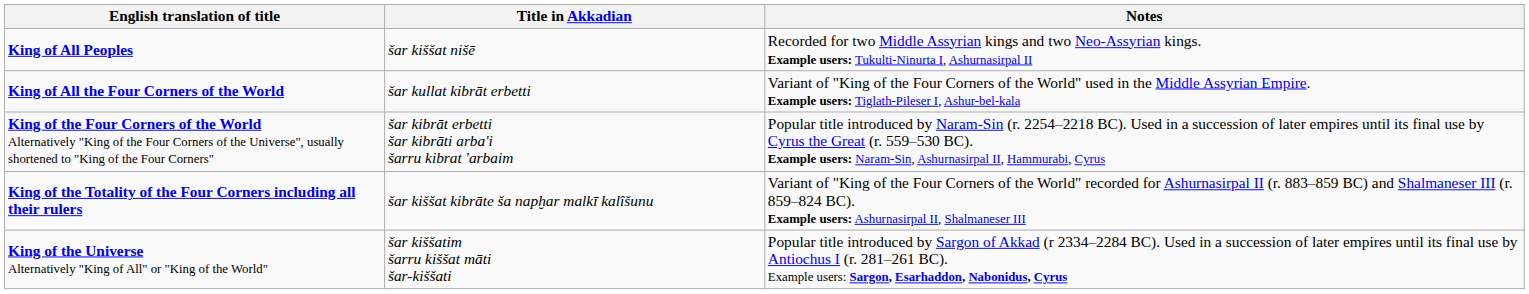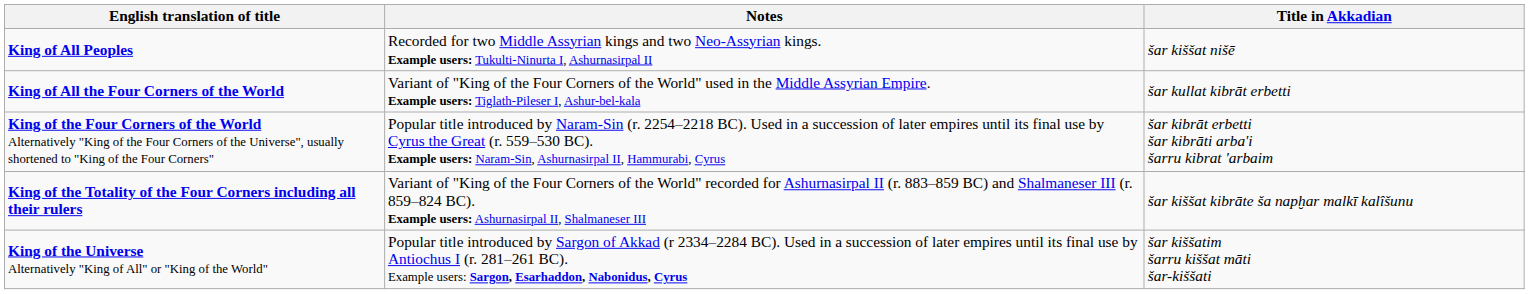 <table class="wikitable" border="1" style="width:100%">
 <tr>
 <th width="25%"><strong>English translation of title</strong></th>
+<th width="50%"><strong>Notes</strong></th>
 <th width="25%"><strong>Title in <a href='#'>Akkadian</a></strong></th>
-<th width="50%"><strong>Notes</strong></th>
 </tr>
 <tr>
 <td><strong><a href='#'>King of All Peoples</a></strong></td>
+<td>Recorded for two <a href='#'>Middle Assyrian</a> kings and two <a href='#'>Neo-Assyrian</a> kings.<br><small><strong>Example users:</strong> <a href='#'>Tukulti-Ninurta I</a>, <a href='#'>Ashurnasirpal II</a></small></td>
 <td><em>šar kiššat nišē</em></td>
-<td>Recorded for two <a href='#'>Middle Assyrian</a> kings and two <a href='#'>Neo-Assyrian</a> kings.<br><small><strong>Example users:</strong> <a href='#'>Tukulti-Ninurta I</a>, <a href='#'>Ashurnasirpal II</a></small></td>
 </tr>
 <tr>
 <td><strong><a href='#'>King of All the Four Corners of the World</a></strong></td>
+<td>Variant of "King of the Four Corners of the World" used in the <a href='#'>Middle Assyrian Empire</a>.<br><small><strong>Example users:</strong> <a href='#'>Tiglath-Pileser I</a>, <a href='#'>Ashur-bel-kala</a></small></td>
 <td><em>šar kullat kibrāt erbetti</em></td>
-<td>Variant of "King of the Four Corners of the World" used in the <a href='#'>Middle Assyrian Empire</a>.<br><small><strong>Example users:</strong> <a href='#'>Tiglath-Pileser I</a>, <a href='#'>Ashur-bel-kala</a></small></td>
 </tr>
 <tr>
 <td><strong><a href='#'>King of the Four Corners of the World</a></strong><br><small>Alternatively "King of the Four Corners of the Universe", usually shortened to "King of the Four Corners"</small></td>
+<td>Popular title introduced by <a href='#'>Naram-Sin</a> (r. 2254–2218 BC). Used in a succession of later empires until its final use by <a href='#'>Cyrus the Great</a> (r. 559–530 BC).<br><small><strong>Example users:</strong> <a href='#'>Naram-Sin</a>, <a href='#'>Ashurnasirpal II</a>, <a href='#'>Hammurabi</a>, <a href='#'>Cyrus</a></small></td>
 <td><em>šar kibrāt erbetti</em><br><em>šar kibrāti arba'i</em><br><em>šarru kibrat 'arbaim</em></td>
-<td>Popular title introduced by <a href='#'>Naram-Sin</a> (r. 2254–2218 BC). Used in a succession of later empires until its final use by <a href='#'>Cyrus the Great</a> (r. 559–530 BC).<br><small><strong>Example users:</strong> <a href='#'>Naram-Sin</a>, <a href='#'>Ashurnasirpal II</a>, <a href='#'>Hammurabi</a>, <a href='#'>Cyrus</a></small></td>
 </tr>
 <tr>
 <td><strong><a href='#'>King of the Totality of the Four Corners including all their rulers</a></strong></td>
+<td>Variant of "King of the Four Corners of the World" recorded for <a href='#'>Ashurnasirpal II</a> (r. 883–859 BC) and <a href='#'>Shalmaneser III</a> (r. 859–824 BC).<br><small><strong>Example users:</strong> <a href='#'>Ashurnasirpal II</a>, <a href='#'>Shalmaneser III</a></small></td>
 <td><em>šar kiššat kibrāte ša napḫar malkī kalîšunu</em></td>
-<td>Variant of "King of the Four Corners of the World" recorded for <a href='#'>Ashurnasirpal II</a> (r. 883–859 BC) and <a href='#'>Shalmaneser III</a> (r. 859–824 BC).<br><small><strong>Example users:</strong> <a href='#'>Ashurnasirpal II</a>, <a href='#'>Shalmaneser III</a></small></td>
 </tr>
 <tr>
 <td><strong><a href='#'>King of the Universe</a></strong><br><small>Alternatively "King of All" or "King of the World"</small></td>
+<td>Popular title introduced by <a href='#'>Sargon of Akkad</a> (r 2334–2284 BC). Used in a succession of later empires until its final use by <a href='#'>Antiochus I</a> (r. 281–261 BC).<br><small></strong>Example users:<strong> <a href='#'>Sargon</a>, <a href='#'>Esarhaddon</a>, <a href='#'>Nabonidus</a>, <a href='#'>Cyrus</a></small></td>
 <td><em>šar kiššatim</em><br><em>šarru kiššat māti</em><br><em>šar-kiššati<strong></td>
-<td>Popular title introduced by <a href='#'>Sargon of Akkad</a> (r 2334–2284 BC). Used in a succession of later empires until its final use by <a href='#'>Antiochus I</a> (r. 281–261 BC).<br><small></strong>Example users:<strong> <a href='#'>Sargon</a>, <a href='#'>Esarhaddon</a>, <a href='#'>Nabonidus</a>, <a href='#'>Cyrus</a></small></td>
 </tr>
 </table>
